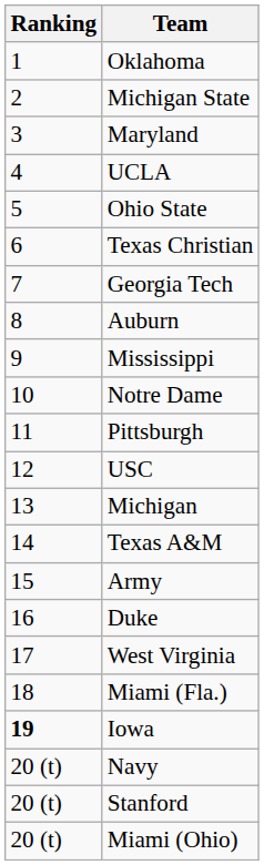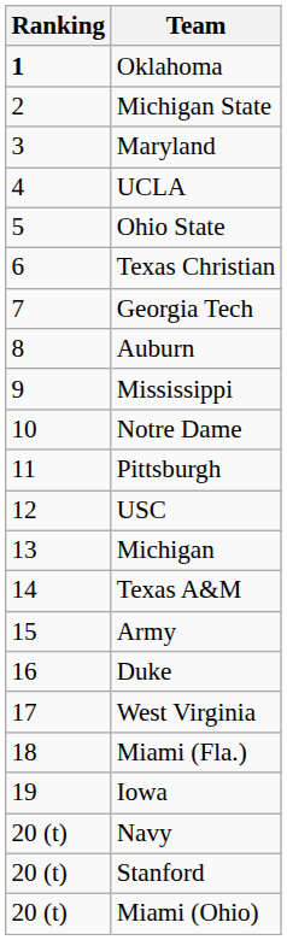 <table class="wikitable">
 <tr>
 <th>Ranking</th>
 <th>Team</th>
 </tr>
 <tr>
-<td>1</td>
+<td><strong>1</strong></td>
 <td>Oklahoma</td>
 </tr>
 <tr>
 <td>2</td>
 <td>Michigan State</td>
 </tr>
 <tr>
 <td>3</td>
 <td>Maryland</td>
 </tr>
 <tr>
 <td>4</td>
 <td>UCLA</td>
 </tr>
 <tr>
 <td>5</td>
 <td>Ohio State</td>
 </tr>
 <tr>
 <td>6</td>
 <td>Texas Christian</td>
 </tr>
 <tr>
 <td>7</td>
 <td>Georgia Tech</td>
 </tr>
 <tr>
 <td>8</td>
 <td>Auburn</td>
 </tr>
 <tr>
 <td>9</td>
 <td>Mississippi</td>
 </tr>
 <tr>
 <td>10</td>
 <td>Notre Dame</td>
 </tr>
 <tr>
 <td>11</td>
 <td>Pittsburgh</td>
 </tr>
 <tr>
 <td>12</td>
 <td>USC</td>
 </tr>
 <tr>
 <td>13</td>
 <td>Michigan</td>
 </tr>
 <tr>
 <td>14</td>
 <td>Texas A&M</td>
 </tr>
 <tr>
 <td>15</td>
 <td>Army</td>
 </tr>
 <tr>
 <td>16</td>
 <td>Duke</td>
 </tr>
 <tr>
 <td>17</td>
 <td>West Virginia</td>
 </tr>
 <tr>
 <td>18</td>
 <td>Miami (Fla.)</td>
 </tr>
 <tr>
-<td><strong>19</strong></td>
+<td>19</td>
 <td>Iowa</td>
 </tr>
 <tr>
 <td>20 (t)</td>
 <td>Navy</td>
 </tr>
 <tr>
 <td>20 (t)</td>
 <td>Stanford</td>
 </tr>
 <tr>
 <td>20 (t)</td>
 <td>Miami (Ohio)</td>
 </tr>
 </table>
